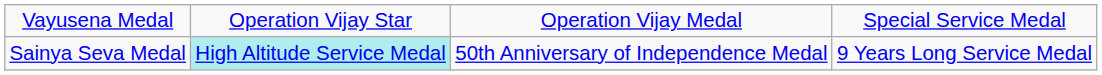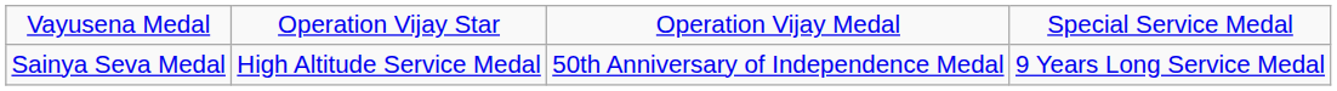 <table class="wikitable" style="margin:1em auto; text-align:center;">
 <tr>
 <td><a href='#'>Vayusena Medal</a></td>
 <td><a href='#'>Operation Vijay Star</a></td>
 <td><a href='#'>Operation Vijay Medal</a></td>
 <td><a href='#'>Special Service Medal</a></td>
 </tr>
 <tr>
 <td><a href='#'>Sainya Seva Medal</a></td>
-<td style="background: paleturquoise;"><a href='#'>High Altitude Service Medal</a></td>
+<td><a href='#'>High Altitude Service Medal</a></td>
 <td><a href='#'>50th Anniversary of Independence Medal</a></td>
 <td><a href='#'>9 Years Long Service Medal</a></td>
 </tr>
 </table>
